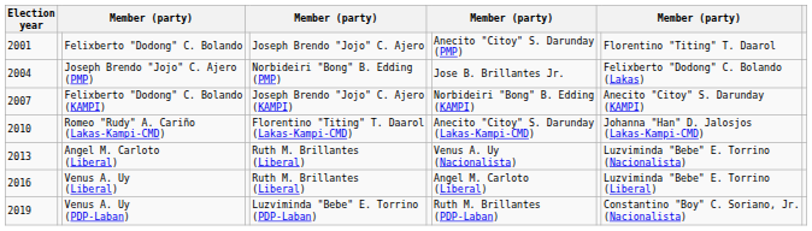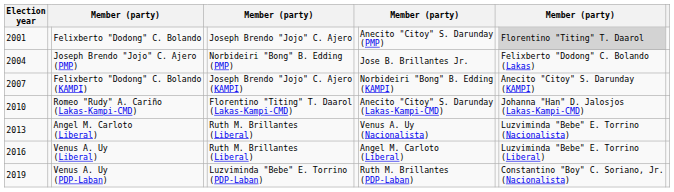 <table class=wikitable>
 <tr>
 <th width=60px>Election<br>year</th>
 <th colspan=2 width=140px>Member (party)</th>
 <th colspan=2 width=140px>Member (party)</th>
 <th colspan=2 width=140px>Member (party)</th>
 <th colspan=2 width=140px>Member (party)</th>
 <th !></th>
 </tr>
 <tr>
 <td>2001</td>
 <td></td>
 <td>Felixberto "Dodong" C. Bolando</td>
 <td></td>
 <td>Joseph Brendo "Jojo" C. Ajero</td>
 <td></td>
 <td>Anecito "Citoy" S. Darunday<br>(<a href='#'>PMP</a>)</td>
 <td></td>
-<td>Florentino "Titing" T. Daarol</td>
+<td style="background: lightgrey;">Florentino "Titing" T. Daarol</td>
 <td></td>
 </tr>
 <tr>
 <td>2004</td>
 <td bgcolor=></td>
 <td>Joseph Brendo "Jojo" C. Ajero<br>(<a href='#'>PMP</a>)</td>
 <td bgcolor=></td>
 <td>Norbideiri "Bong" B. Edding<br>(<a href='#'>PMP</a>)</td>
 <td bgcolor=></td>
 <td>Jose B. Brillantes Jr.</td>
 <td bgcolor=></td>
 <td>Felixberto "Dodong" C. Bolando<br>(<a href='#'>Lakas</a>)</td>
 <td></td>
 </tr>
 <tr>
 <td>2007</td>
 <td bgcolor=></td>
 <td>Felixberto "Dodong" C. Bolando<br>(<a href='#'>KAMPI</a>)</td>
 <td bgcolor=></td>
 <td>Joseph Brendo "Jojo" C. Ajero<br>(<a href='#'>KAMPI</a>)</td>
 <td bgcolor=></td>
 <td>Norbideiri "Bong" B. Edding<br>(<a href='#'>KAMPI</a>)</td>
 <td bgcolor=></td>
 <td>Anecito "Citoy" S. Darunday<br>(<a href='#'>KAMPI</a>)</td>
 <td></td>
 </tr>
 <tr>
 <td>2010</td>
 <td bgcolor=></td>
 <td>Romeo "Rudy" A. Cariño<br>(<a href='#'>Lakas-Kampi-CMD</a>)</td>
 <td bgcolor=></td>
 <td>Florentino "Titing" T. Daarol<br>(<a href='#'>Lakas-Kampi-CMD</a>)</td>
 <td bgcolor=></td>
 <td>Anecito "Citoy" S. Darunday<br>(<a href='#'>Lakas-Kampi-CMD</a>)</td>
 <td bgcolor=></td>
 <td>Johanna "Han" D. Jalosjos<br>(<a href='#'>Lakas-Kampi-CMD</a>)</td>
 <td></td>
 </tr>
 <tr>
 <td>2013</td>
 <td bgcolor=></td>
 <td>Angel M. Carloto<br>(<a href='#'>Liberal</a>)</td>
 <td bgcolor=></td>
 <td>Ruth M. Brillantes<br>(<a href='#'>Liberal</a>)</td>
 <td bgcolor=></td>
 <td>Venus A. Uy<br>(<a href='#'>Nacionalista</a>)</td>
 <td bgcolor=></td>
 <td>Luzviminda "Bebe" E. Torrino<br>(<a href='#'>Nacionalista</a>)</td>
 <td></td>
 </tr>
 <tr>
 <td>2016</td>
 <td bgcolor=></td>
 <td>Venus A. Uy<br>(<a href='#'>Liberal</a>)</td>
 <td bgcolor=></td>
 <td>Ruth M. Brillantes<br>(<a href='#'>Liberal</a>)</td>
 <td bgcolor=></td>
 <td>Angel M. Carloto<br>(<a href='#'>Liberal</a>)</td>
 <td bgcolor=></td>
 <td>Luzviminda "Bebe" E. Torrino<br>(<a href='#'>Liberal</a>)</td>
 <td></td>
 </tr>
 <tr>
 <td>2019</td>
 <td bgcolor=></td>
 <td>Venus A. Uy<br>(<a href='#'>PDP-Laban</a>)</td>
 <td bgcolor=></td>
 <td>Luzviminda "Bebe" E. Torrino<br>(<a href='#'>PDP-Laban</a>)</td>
 <td bgcolor=></td>
 <td>Ruth M. Brillantes<br>(<a href='#'>PDP-Laban</a>)</td>
 <td bgcolor=></td>
 <td>Constantino "Boy" C. Soriano, Jr.<br>(<a href='#'>Nacionalista</a>)</td>
 <td></td>
 </tr>
 </table>
